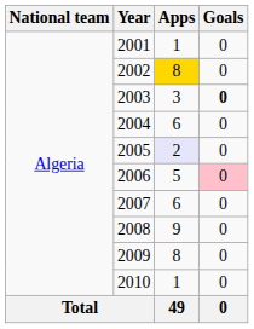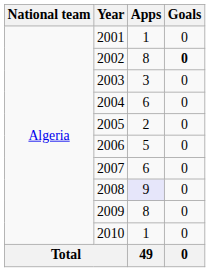 <table class="wikitable" style="text-align:center">
 <tr>
 <th>National team</th>
 <th>Year</th>
 <th>Apps</th>
 <th>Goals</th>
 </tr>
 <tr>
 <td rowspan="10"><a href='#'>Algeria</a></td>
 <td>2001</td>
 <td>1</td>
 <td>0</td>
 </tr>
 <tr>
 <td>2002</td>
-<td style="background: gold;">8</td>
-<td>0</td>
+<td>8</td>
+<td><strong>0</strong></td>
 </tr>
 <tr>
 <td>2003</td>
 <td>3</td>
-<td><strong>0</strong></td>
+<td>0</td>
 </tr>
 <tr>
 <td>2004</td>
 <td>6</td>
 <td>0</td>
 </tr>
 <tr>
 <td>2005</td>
-<td style="background: lavender;">2</td>
+<td>2</td>
 <td>0</td>
 </tr>
 <tr>
 <td>2006</td>
 <td>5</td>
-<td style="background: pink;">0</td>
+<td>0</td>
 </tr>
 <tr>
 <td>2007</td>
 <td>6</td>
 <td>0</td>
 </tr>
 <tr>
 <td>2008</td>
-<td>9</td>
+<td style="background: lavender;">9</td>
 <td>0</td>
 </tr>
 <tr>
 <td>2009</td>
 <td>8</td>
 <td>0</td>
 </tr>
 <tr>
 <td>2010</td>
 <td>1</td>
 <td>0</td>
 </tr>
 <tr>
 <th colspan="2">Total</th>
 <th>49</th>
 <th>0</th>
 </tr>
 </table>
